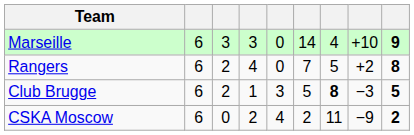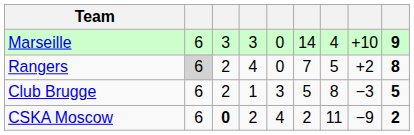 <table class="wikitable" style="text-align:center">
 <tr>
 <th width="175">Team</th>
 <th width="20"></th>
 <th width="20"></th>
 <th width="20"></th>
 <th width="20"></th>
 <th width="20"></th>
 <th width="20"></th>
 <th width="20"></th>
 <th width="20"></th>
 </tr>
 <tr bgcolor="#ccffcc">
 <td align="left"> <a href='#'>Marseille</a></td>
 <td>6</td>
 <td>3</td>
 <td>3</td>
 <td>0</td>
 <td>14</td>
 <td>4</td>
 <td>+10</td>
 <td><strong>9</strong></td>
 </tr>
 <tr>
 <td align="left"> <a href='#'>Rangers</a></td>
-<td>6</td>
+<td style="background: lightgrey;">6</td>
 <td>2</td>
 <td>4</td>
 <td>0</td>
 <td>7</td>
 <td>5</td>
 <td>+2</td>
 <td><strong>8</strong></td>
 </tr>
 <tr>
 <td align="left"> <a href='#'>Club Brugge</a></td>
 <td>6</td>
 <td>2</td>
 <td>1</td>
 <td>3</td>
 <td>5</td>
-<td><strong>8</strong></td>
+<td>8</td>
 <td>−3</td>
 <td><strong>5</strong></td>
 </tr>
 <tr>
 <td align="left"> <a href='#'>CSKA Moscow</a></td>
 <td>6</td>
-<td>0</td>
+<td><strong>0</strong></td>
 <td>2</td>
 <td>4</td>
 <td>2</td>
 <td>11</td>
 <td>−9</td>
 <td><strong>2</strong></td>
 </tr>
 </table>
